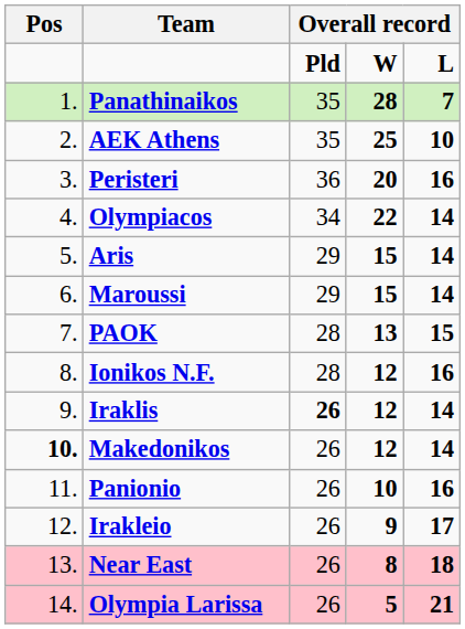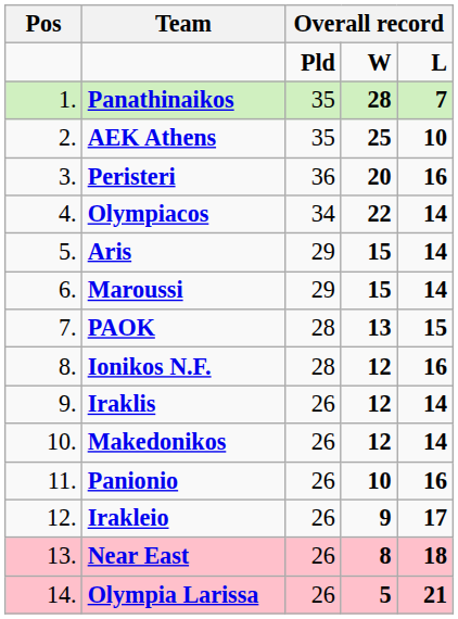 <table class="wikitable" style="text-align: right;">
 <tr>
 <th width="44">Pos</th>
 <th width="128">Team</th>
 <th colspan=3>Overall record</th>
 </tr>
 <tr>
 <td></td>
 <td></td>
 <td width="30"><strong>Pld</strong></td>
 <td width="30"><strong>W</strong></td>
 <td width="30"><strong>L</strong></td>
 </tr>
 <tr bgcolor="D0F0C0">
 <td>1.</td>
 <td align="left"><strong><a href='#'>Panathinaikos</a></strong></td>
 <td>35</td>
 <td><strong>28</strong></td>
 <td><strong>7</strong></td>
 </tr>
 <tr>
 <td>2.</td>
 <td align="left"><strong><a href='#'>AEK Athens</a></strong></td>
 <td>35</td>
 <td><strong>25</strong></td>
 <td><strong>10</strong></td>
 </tr>
 <tr>
 <td>3.</td>
 <td align="left"><strong><a href='#'>Peristeri</a></strong></td>
 <td>36</td>
 <td><strong>20</strong></td>
 <td><strong>16</strong></td>
 </tr>
 <tr>
 <td>4.</td>
 <td align="left"><strong><a href='#'>Olympiacos</a></strong></td>
 <td>34</td>
 <td><strong>22</strong></td>
 <td><strong>14</strong></td>
 </tr>
 <tr>
 <td>5.</td>
 <td align="left"><strong><a href='#'>Aris</a></strong></td>
 <td>29</td>
 <td><strong>15</strong></td>
 <td><strong>14</strong></td>
 </tr>
 <tr>
 <td>6.</td>
 <td align="left"><strong><a href='#'>Maroussi</a></strong></td>
 <td>29</td>
 <td><strong>15</strong></td>
 <td><strong>14</strong></td>
 </tr>
 <tr>
 <td>7.</td>
 <td align="left"><strong><a href='#'>PAOK</a></strong></td>
 <td>28</td>
 <td><strong>13</strong></td>
 <td><strong>15</strong></td>
 </tr>
 <tr>
 <td>8.</td>
 <td align="left"><strong><a href='#'>Ionikos N.F.</a></strong></td>
 <td>28</td>
 <td><strong>12</strong></td>
 <td><strong>16</strong></td>
 </tr>
 <tr>
 <td>9.</td>
 <td align="left"><strong><a href='#'>Iraklis</a></strong></td>
-<td><strong>26</strong></td>
+<td>26</td>
 <td><strong>12</strong></td>
 <td><strong>14</strong></td>
 </tr>
 <tr>
-<td><strong>10.</strong></td>
+<td>10.</td>
 <td align="left"><strong> <a href='#'>Makedonikos</a></strong></td>
 <td>26</td>
 <td><strong>12</strong></td>
 <td><strong>14</strong></td>
 </tr>
 <tr>
 <td>11.</td>
 <td align="left"><strong><a href='#'>Panionio</a></strong></td>
 <td>26</td>
 <td><strong>10</strong></td>
 <td><strong>16</strong></td>
 </tr>
 <tr>
 <td>12.</td>
 <td align="left"><strong><a href='#'>Irakleio</a></strong></td>
 <td>26</td>
 <td><strong>9</strong></td>
 <td><strong>17</strong></td>
 </tr>
 <tr bgcolor="ffc0cb">
 <td>13.</td>
 <td align="left"><strong><a href='#'>Near East</a></strong></td>
 <td>26</td>
 <td><strong>8</strong></td>
 <td><strong>18</strong></td>
 </tr>
 <tr bgcolor="ffc0cb">
 <td>14.</td>
 <td align="left"><strong><a href='#'>Olympia Larissa</a></strong></td>
 <td>26</td>
 <td><strong>5</strong></td>
 <td><strong>21</strong></td>
 </tr>
 </table>
